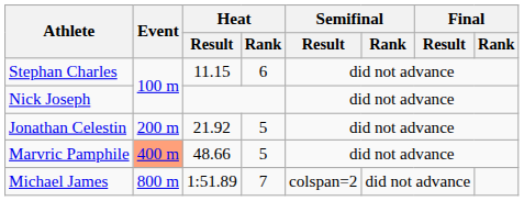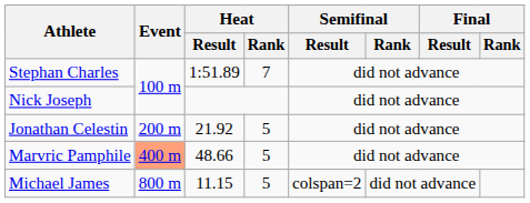 <table class="wikitable" style="font-size:90%">
 <tr>
 <th rowspan=2>Athlete</th>
 <th rowspan=2>Event</th>
 <th colspan=2>Heat</th>
 <th colspan=2>Semifinal</th>
 <th colspan=2>Final</th>
 </tr>
 <tr style="font-size:95%">
 <th>Result</th>
 <th>Rank</th>
 <th>Result</th>
 <th>Rank</th>
 <th>Result</th>
 <th>Rank</th>
 </tr>
 <tr align=center>
 <td align=left><a href='#'>Stephan Charles</a></td>
 <td align=left rowspan=2><a href='#'>100 m</a></td>
-<td>11.15</td>
-<td>6</td>
+<td>1:51.89</td>
+<td>7</td>
 <td colspan=4>did not advance</td>
 </tr>
 <tr align=center>
 <td align=left><a href='#'>Nick Joseph</a></td>
 <td colspan=2></td>
 <td colspan=4>did not advance</td>
 </tr>
 <tr align=center>
 <td align=left><a href='#'>Jonathan Celestin</a></td>
 <td align=left><a href='#'>200 m</a></td>
 <td>21.92</td>
 <td>5</td>
 <td colspan=4>did not advance</td>
 </tr>
 <tr align=center>
 <td align=left><a href='#'>Marvric Pamphile</a></td>
 <td align=left style="background: lightsalmon;"><a href='#'>400 m</a></td>
 <td>48.66</td>
 <td>5</td>
 <td colspan=4>did not advance</td>
 </tr>
 <tr align=center>
 <td align=left><a href='#'>Michael James</a></td>
 <td align=left><a href='#'>800 m</a></td>
-<td>1:51.89</td>
-<td>7</td>
+<td>11.15</td>
+<td>5</td>
 <td>colspan=2</td>
 <td colspan=2>did not advance</td>
 </tr>
 </table>
